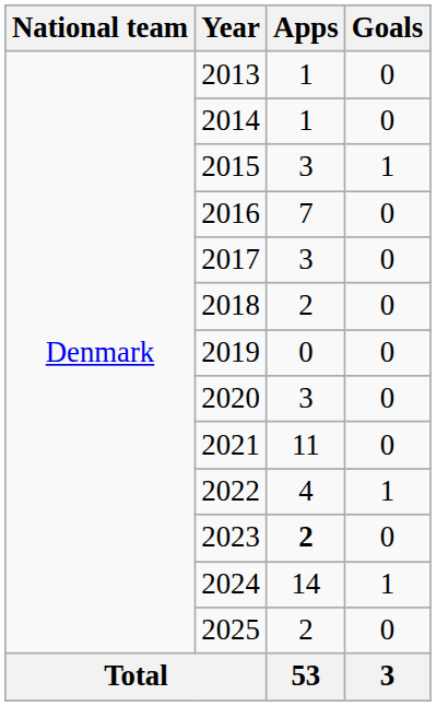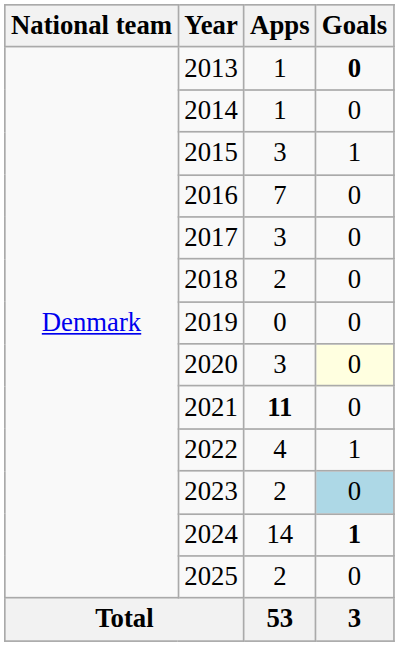 <table class="wikitable" style="text-align:center">
 <tr>
 <th>National team</th>
 <th>Year</th>
 <th>Apps</th>
 <th>Goals</th>
 </tr>
 <tr>
 <td rowspan="13"><a href='#'>Denmark</a></td>
 <td>2013</td>
 <td>1</td>
-<td>0</td>
+<td><strong>0</strong></td>
 </tr>
 <tr>
 <td>2014</td>
 <td>1</td>
 <td>0</td>
 </tr>
 <tr>
 <td>2015</td>
 <td>3</td>
 <td>1</td>
 </tr>
 <tr>
 <td>2016</td>
 <td>7</td>
 <td>0</td>
 </tr>
 <tr>
 <td>2017</td>
 <td>3</td>
 <td>0</td>
 </tr>
 <tr>
 <td>2018</td>
 <td>2</td>
 <td>0</td>
 </tr>
 <tr>
 <td>2019</td>
 <td>0</td>
 <td>0</td>
 </tr>
 <tr>
 <td>2020</td>
 <td>3</td>
-<td>0</td>
+<td style="background: lightyellow;">0</td>
 </tr>
 <tr>
 <td>2021</td>
-<td>11</td>
+<td><strong>11</strong></td>
 <td>0</td>
 </tr>
 <tr>
 <td>2022</td>
 <td>4</td>
 <td>1</td>
 </tr>
 <tr>
 <td>2023</td>
-<td><strong>2</strong></td>
-<td>0</td>
+<td>2</td>
+<td style="background: lightblue;">0</td>
 </tr>
 <tr>
 <td>2024</td>
 <td>14</td>
-<td>1</td>
+<td><strong>1</strong></td>
 </tr>
 <tr>
 <td>2025</td>
 <td>2</td>
 <td>0</td>
 </tr>
 <tr>
 <th colspan="2">Total</th>
 <th>53</th>
 <th>3</th>
 </tr>
 </table>
